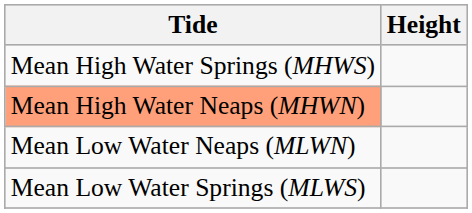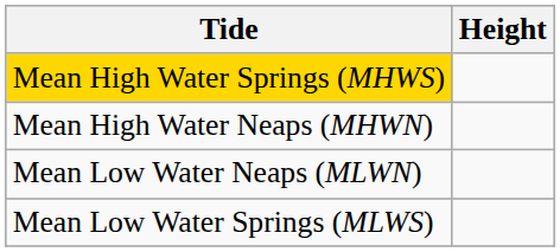 <table class="wikitable">
 <tr>
 <th>Tide</th>
 <th>Height</th>
 </tr>
 <tr>
-<td>Mean High Water Springs (<em>MHWS</em>)</td>
+<td style="background: gold;">Mean High Water Springs (<em>MHWS</em>)</td>
 <td></td>
 </tr>
 <tr>
-<td style="background: lightsalmon;">Mean High Water Neaps (<em>MHWN</em>)</td>
+<td>Mean High Water Neaps (<em>MHWN</em>)</td>
 <td></td>
 </tr>
 <tr>
 <td>Mean Low Water Neaps (<em>MLWN</em>)</td>
 <td></td>
 </tr>
 <tr>
 <td>Mean Low Water Springs (<em>MLWS</em>)</td>
 <td></td>
 </tr>
 </table>
